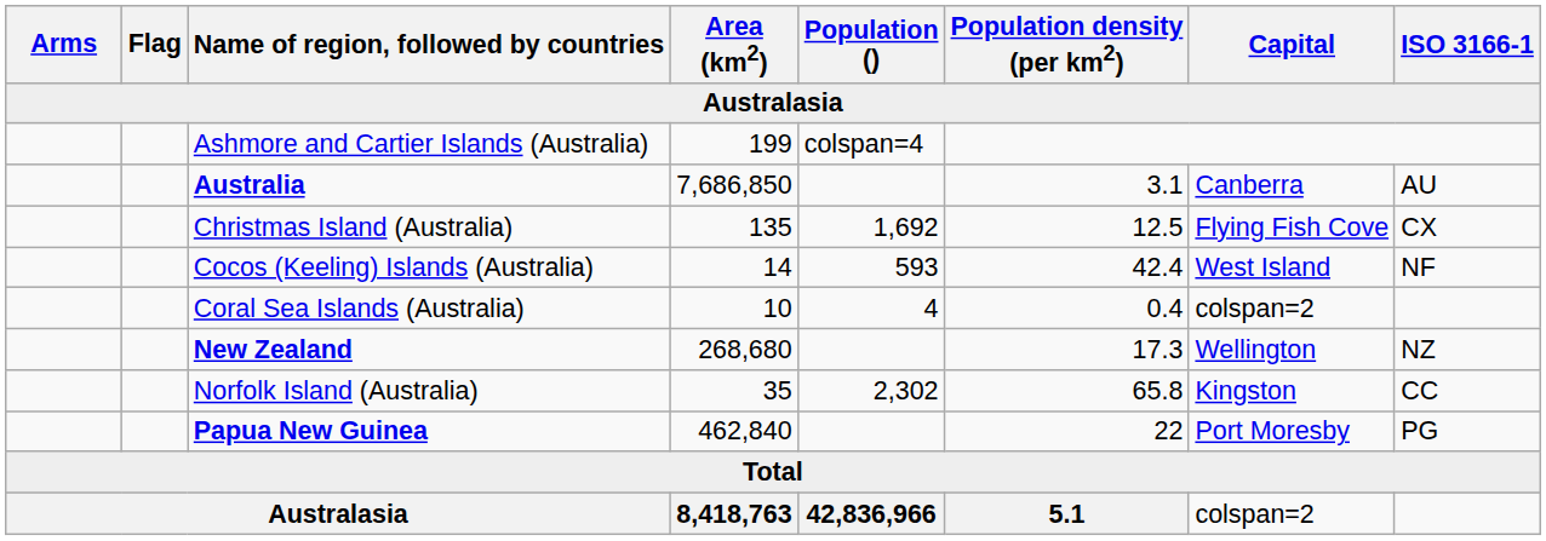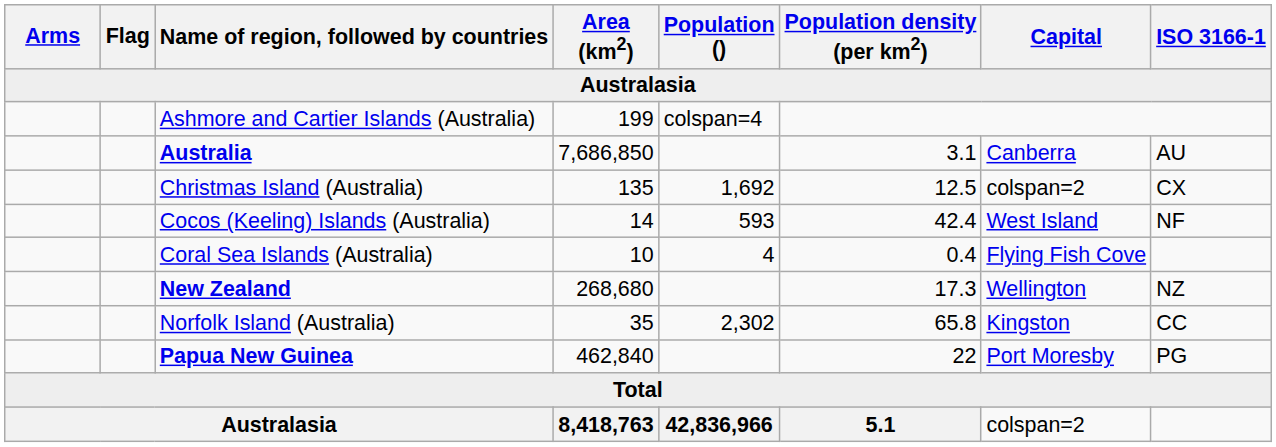 <table class="wikitable sortable" style="border:1px solid #aaa; font-size:90%;">
 <tr style="background:#ececec;"|>
 <th style="line-height:95%; width:4em" class="unsortable"><a href='#'>Arms</a></th>
 <th style="line-height:95%; width:2em" class="unsortable">Flag</th>
 <th>Name of region, followed by countries</th>
 <th data-sort-type="number"><a href='#'>Area</a><br>(km<sup>2</sup>)</th>
 <th data-sort-type="number"><a href='#'>Population</a><br>()</th>
 <th data-sort-type="number"><a href='#'>Population density</a><br>(per km<sup>2</sup>)</th>
 <th><a href='#'>Capital</a></th>
 <th><a href='#'>ISO 3166-1</a></th>
 </tr>
 <tr>
 <td colspan="8" style="background:#eee; text-align:center;"><strong>Australasia</strong></td>
 </tr>
 <tr>
 <td style="text-align:center;"></td>
 <td style="text-align:center;"></td>
 <td><a href='#'>Ashmore and Cartier Islands</a> (Australia)</td>
 <td style="text-align:right;">199</td>
 <td>colspan=4 </td>
 </tr>
 <tr>
 <td style="text-align:center;"></td>
 <td style="text-align:center;"></td>
 <td><strong><a href='#'>Australia</a></strong></td>
 <td style="text-align:right;">7,686,850</td>
 <td style="text-align:right;"></td>
 <td style="text-align:right;">3.1</td>
 <td><a href='#'>Canberra</a></td>
 <td>AU</td>
 </tr>
 <tr>
 <td style="text-align:center;"></td>
 <td style="text-align:center;"></td>
 <td><a href='#'>Christmas Island</a> (Australia)</td>
 <td style="text-align:right;">135</td>
 <td style="text-align:right;">1,692</td>
 <td style="text-align:right;">12.5</td>
-<td><a href='#'>Flying Fish Cove</a></td>
+<td>colspan=2 </td>
 <td>CX</td>
 </tr>
 <tr>
 <td style="text-align:center;"></td>
 <td style="text-align:center;"></td>
 <td><a href='#'>Cocos (Keeling) Islands</a> (Australia)</td>
 <td style="text-align:right;">14</td>
 <td style="text-align:right;">593</td>
 <td style="text-align:right;">42.4</td>
 <td><a href='#'>West Island</a></td>
 <td>NF</td>
 </tr>
 <tr>
 <td style="text-align:center;"></td>
 <td style="text-align:center;"></td>
 <td><a href='#'>Coral Sea Islands</a> (Australia)</td>
 <td style="text-align:right;">10</td>
 <td style="text-align:right;">4</td>
 <td style="text-align:right;">0.4</td>
-<td>colspan=2 </td>
+<td><a href='#'>Flying Fish Cove</a></td>
 </tr>
 <tr>
 <td style="text-align:center;"></td>
 <td style="text-align:center;"></td>
 <td><strong><a href='#'>New Zealand</a></strong></td>
 <td style="text-align:right;">268,680</td>
 <td style="text-align:right;"></td>
 <td style="text-align:right;">17.3</td>
 <td><a href='#'>Wellington</a></td>
 <td>NZ</td>
 </tr>
 <tr>
 <td style="text-align:center;"></td>
 <td style="text-align:center;"></td>
 <td><a href='#'>Norfolk Island</a> (Australia)</td>
 <td style="text-align:right;">35</td>
 <td style="text-align:right;">2,302</td>
 <td style="text-align:right;">65.8</td>
 <td><a href='#'>Kingston</a></td>
 <td>CC</td>
 </tr>
 <tr>
 <td style="text-align:center;"></td>
 <td style="text-align:center;"></td>
 <td><strong><a href='#'>Papua New Guinea</a></strong></td>
 <td style="text-align:right;">462,840</td>
 <td style="text-align:right;"></td>
 <td style="text-align:right;">22</td>
 <td><a href='#'>Port Moresby</a></td>
 <td>PG</td>
 </tr>
 <tr>
 <td colspan="8" style="background:#eee; text-align:center;"><strong>Total</strong></td>
 </tr>
 <tr>
 <th colspan=3>Australasia</th>
 <th>8,418,763</th>
 <th>42,836,966</th>
 <th>5.1</th>
 <td>colspan=2 </td>
 </tr>
 </table>
